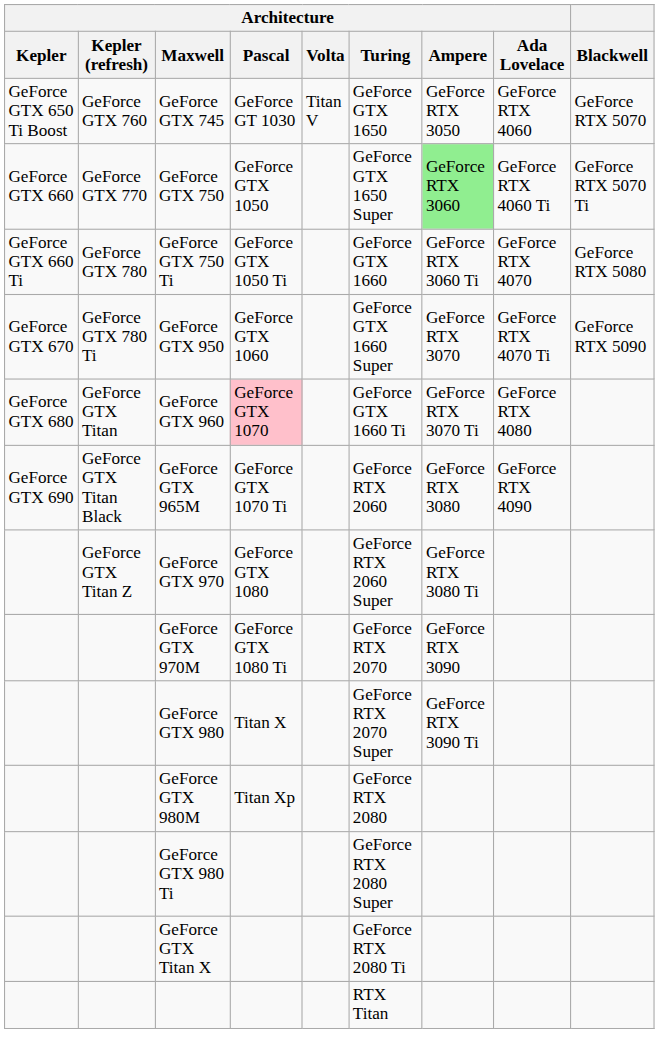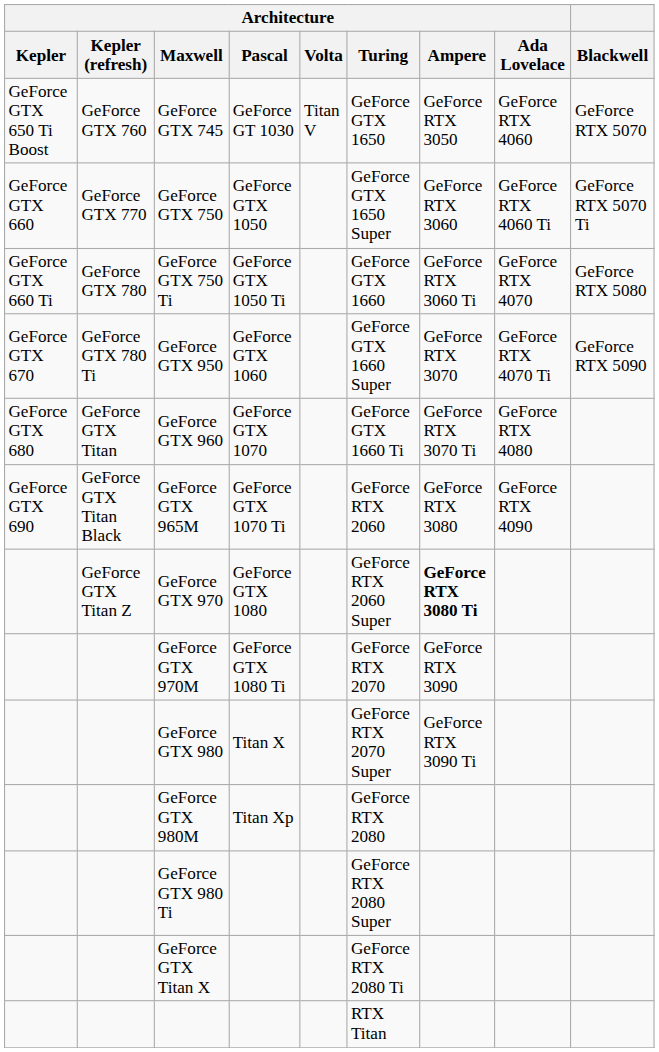 <table class="wikitable mw-collapsible">
 <tr>
 <th colspan="8">Architecture</th>
 <th></th>
 </tr>
 <tr>
 <th>Kepler</th>
 <th>Kepler (refresh)</th>
 <th>Maxwell</th>
 <th>Pascal</th>
 <th>Volta</th>
 <th>Turing</th>
 <th>Ampere</th>
 <th>Ada Lovelace</th>
 <th>Blackwell</th>
 </tr>
 <tr>
 <td>GeForce GTX 650 Ti Boost</td>
 <td>GeForce GTX 760</td>
 <td>GeForce GTX 745</td>
 <td>GeForce GT 1030</td>
 <td>Titan V</td>
 <td>GeForce GTX 1650</td>
 <td>GeForce RTX 3050</td>
 <td>GeForce RTX 4060</td>
 <td>GeForce RTX 5070</td>
 </tr>
 <tr>
 <td>GeForce GTX 660</td>
 <td>GeForce GTX 770</td>
 <td>GeForce GTX 750</td>
 <td>GeForce GTX 1050</td>
 <td></td>
 <td>GeForce GTX 1650 Super</td>
-<td style="background: lightgreen;">GeForce RTX 3060</td>
+<td>GeForce RTX 3060</td>
 <td>GeForce RTX 4060 Ti</td>
 <td>GeForce RTX 5070 Ti</td>
 </tr>
 <tr>
 <td>GeForce GTX 660 Ti</td>
 <td>GeForce GTX 780</td>
 <td>GeForce GTX 750 Ti</td>
 <td>GeForce GTX 1050 Ti</td>
 <td></td>
 <td>GeForce GTX 1660</td>
 <td>GeForce RTX 3060 Ti</td>
 <td>GeForce RTX 4070</td>
 <td>GeForce RTX 5080</td>
 </tr>
 <tr>
 <td>GeForce GTX 670</td>
 <td>GeForce GTX 780 Ti</td>
 <td>GeForce GTX 950</td>
 <td>GeForce GTX 1060</td>
 <td></td>
 <td>GeForce GTX 1660 Super</td>
 <td>GeForce RTX 3070</td>
 <td>GeForce RTX 4070 Ti</td>
 <td>GeForce RTX 5090</td>
 </tr>
 <tr>
 <td>GeForce GTX 680</td>
 <td>GeForce GTX Titan</td>
 <td>GeForce GTX 960</td>
-<td style="background: pink;">GeForce GTX 1070</td>
+<td>GeForce GTX 1070</td>
 <td></td>
 <td>GeForce GTX 1660 Ti</td>
 <td>GeForce RTX 3070 Ti</td>
 <td>GeForce RTX 4080</td>
 <td></td>
 </tr>
 <tr>
 <td>GeForce GTX 690</td>
 <td>GeForce GTX Titan Black</td>
 <td>GeForce GTX 965M</td>
 <td>GeForce GTX 1070 Ti</td>
 <td></td>
 <td>GeForce RTX 2060</td>
 <td>GeForce RTX 3080</td>
 <td>GeForce RTX 4090</td>
 <td></td>
 </tr>
 <tr>
 <td></td>
 <td>GeForce GTX Titan Z</td>
 <td>GeForce GTX 970</td>
 <td>GeForce GTX 1080</td>
 <td></td>
 <td>GeForce RTX 2060 Super</td>
-<td>GeForce RTX 3080 Ti</td>
+<td><strong>GeForce RTX 3080 Ti</strong></td>
 <td></td>
 <td></td>
 </tr>
 <tr>
 <td></td>
 <td></td>
 <td>GeForce GTX 970M</td>
 <td>GeForce GTX 1080 Ti</td>
 <td></td>
 <td>GeForce RTX 2070</td>
 <td>GeForce RTX 3090</td>
 <td></td>
 <td></td>
 </tr>
 <tr>
 <td></td>
 <td></td>
 <td>GeForce GTX 980</td>
 <td>Titan X</td>
 <td></td>
 <td>GeForce RTX 2070 Super</td>
 <td>GeForce RTX 3090 Ti</td>
 <td></td>
 <td></td>
 </tr>
 <tr>
 <td></td>
 <td></td>
 <td>GeForce GTX 980M</td>
 <td>Titan Xp</td>
 <td></td>
 <td>GeForce RTX 2080</td>
 <td></td>
 <td></td>
 <td></td>
 </tr>
 <tr>
 <td></td>
 <td></td>
 <td>GeForce GTX 980 Ti</td>
 <td></td>
 <td></td>
 <td>GeForce RTX 2080 Super</td>
 <td></td>
 <td></td>
 <td></td>
 </tr>
 <tr>
 <td></td>
 <td></td>
 <td>GeForce GTX Titan X</td>
 <td></td>
 <td></td>
 <td>GeForce RTX 2080 Ti</td>
 <td></td>
 <td></td>
 <td></td>
 </tr>
 <tr>
 <td></td>
 <td></td>
 <td></td>
 <td></td>
 <td></td>
 <td>RTX Titan</td>
 <td></td>
 <td></td>
 <td></td>
 </tr>
 </table>
